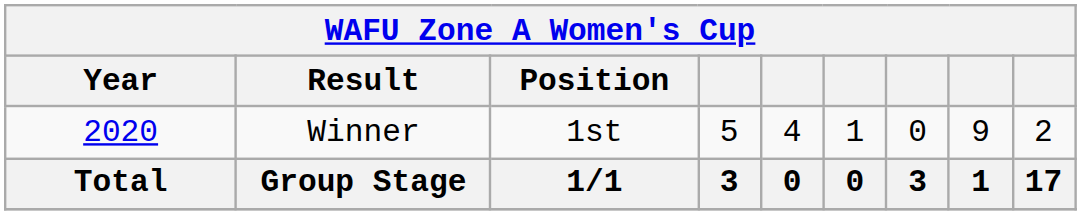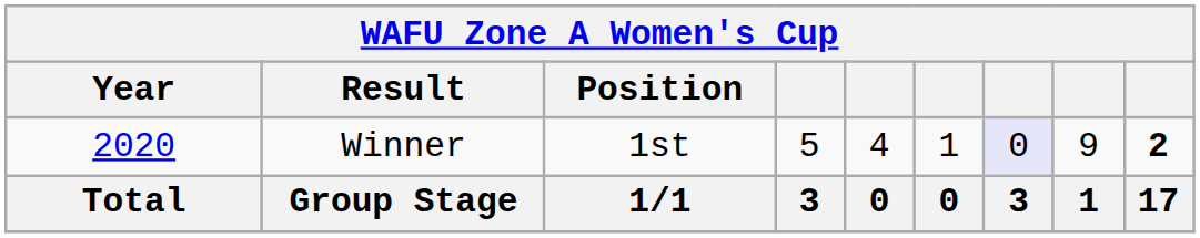 <table class="wikitable" style="text-align:center;">
 <tr>
 <th colspan="9"><a href='#'>WAFU Zone A Women's Cup</a></th>
 </tr>
 <tr>
 <th style="width:90px;">Year</th>
 <th style="width:100px;">Result</th>
 <th style="width:80px;">Position</th>
 <th style="width:20px;"></th>
 <th style="width:20px;"></th>
 <th style="width:20px;"></th>
 <th style="width:20px;"></th>
 <th style="width:20px;"></th>
 <th style="width:20px;"></th>
 </tr>
 <tr>
 <td> <a href='#'>2020</a></td>
 <td>Winner</td>
 <td>1st</td>
 <td>5</td>
 <td>4</td>
 <td>1</td>
-<td>0</td>
+<td style="background: lavender;">0</td>
 <td>9</td>
-<td>2</td>
+<td><strong>2</strong></td>
 </tr>
 <tr>
 <th>Total</th>
 <th>Group Stage</th>
 <th>1/1</th>
 <th>3</th>
 <th>0</th>
 <th>0</th>
 <th>3</th>
 <th>1</th>
 <th>17</th>
 </tr>
 <tr>
 </tr>
 </table>
